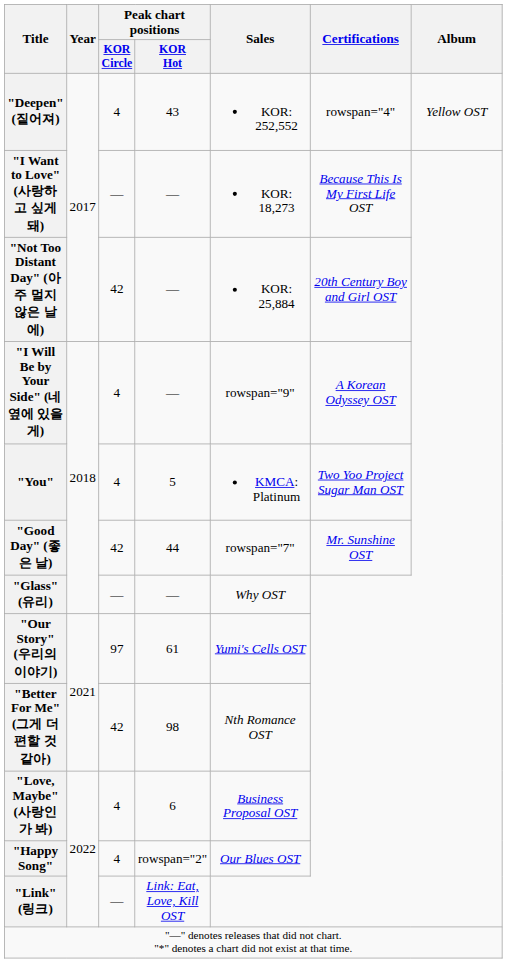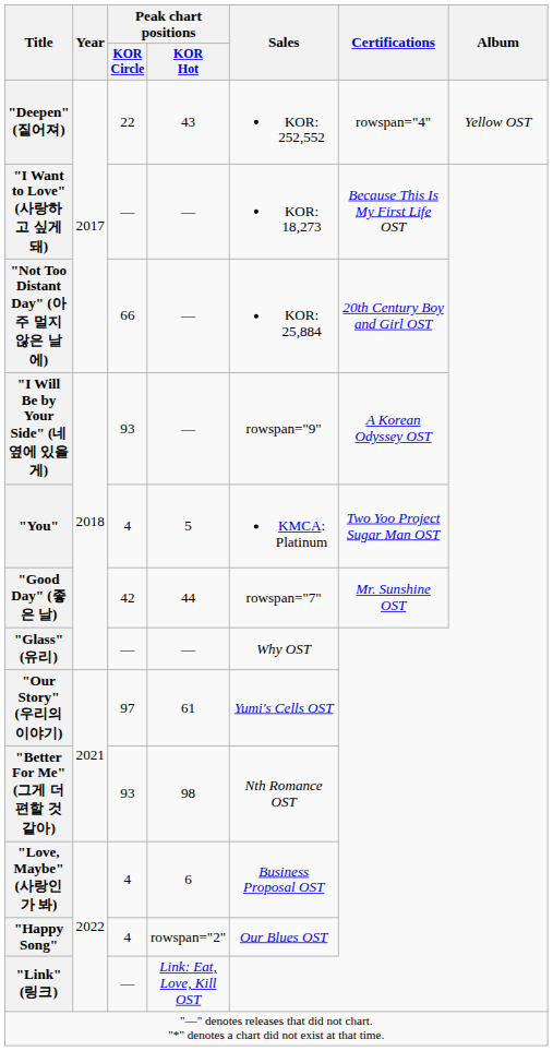 <table class="wikitable plainrowheaders" style="text-align:center;">
 <tr>
 <th scope="col" rowspan="2">Title</th>
 <th scope="col" rowspan="2">Year</th>
 <th scope="col" colspan="2">Peak chart positions</th>
 <th scope="col" rowspan="2" style="width:10em;">Sales</th>
 <th scope="col" rowspan="2" style="width:11em;"><a href='#'>Certifications</a></th>
 <th scope="col" rowspan="2" style="width:16em;">Album</th>
 </tr>
 <tr>
 <th scope="col" style="width:2.5em;font-size:90%"><a href='#'>KOR<br>Circle</a><br></th>
 <th scope="col" style="width:2.5em;font-size:90%;"><a href='#'>KOR<br>Hot</a><br></th>
 </tr>
 <tr>
 <th scope="row">"Deepen" (짙어져)</th>
 <td rowspan="3">2017</td>
-<td>4</td>
+<td>22</td>
 <td>43</td>
 <td><br><ul><li>KOR: 252,552</li></ul></td>
 <td>rowspan="4" </td>
 <td><em>Yellow OST</em></td>
 </tr>
 <tr>
 <th scope="row">"I Want to Love" (사랑하고 싶게 돼)</th>
 <td>—</td>
 <td>—</td>
 <td><br><ul><li>KOR: 18,273</li></ul></td>
 <td><em><a href='#'>Because This Is My First Life</a> OST</em></td>
 </tr>
 <tr>
 <th scope="row">"Not Too Distant Day" (아주 멀지 않은 날에)</th>
-<td>42</td>
+<td>66</td>
 <td>—</td>
 <td><br><ul><li>KOR: 25,884</li></ul></td>
 <td><em><a href='#'>20th Century Boy and Girl OST</a></em></td>
 </tr>
 <tr>
 <th scope="row">"I Will Be by Your Side" (네 옆에 있을게)</th>
 <td rowspan="4">2018</td>
-<td>4</td>
+<td>93</td>
 <td>—</td>
 <td>rowspan="9" </td>
 <td><em><a href='#'>A Korean Odyssey OST</a></em></td>
 </tr>
 <tr>
 <th scope="row">"You"</th>
 <td>4</td>
 <td>5</td>
 <td><br><ul><li><a href='#'>KMCA</a>: Platinum</li></ul></td>
 <td><em><a href='#'>Two Yoo Project Sugar Man OST</a></em></td>
 </tr>
 <tr>
 <th scope="row">"Good Day" (좋은 날)</th>
 <td>42</td>
 <td>44</td>
 <td>rowspan="7" </td>
 <td><em><a href='#'>Mr. Sunshine OST</a></em></td>
 </tr>
 <tr>
 <th scope="row">"Glass" (유리)</th>
 <td>—</td>
 <td>—</td>
 <td><em>Why OST</em></td>
 </tr>
 <tr>
 <th scope="row">"Our Story" (우리의 이야기)</th>
 <td rowspan="2">2021</td>
 <td>97</td>
 <td>61</td>
 <td><em><a href='#'>Yumi's Cells OST</a></em></td>
 </tr>
 <tr>
 <th scope="row">"Better For Me" (그게 더 편할 것 같아)</th>
-<td>42</td>
+<td>93</td>
 <td>98</td>
 <td><em>Nth Romance OST</em></td>
 </tr>
 <tr>
 <th scope="row">"Love, Maybe" (사랑인가 봐)</th>
 <td rowspan="3">2022</td>
 <td>4</td>
 <td>6</td>
 <td><em><a href='#'>Business Proposal OST</a></em></td>
 </tr>
 <tr>
 <th scope="row">"Happy Song"</th>
 <td>4</td>
 <td>rowspan="2" </td>
 <td><em><a href='#'>Our Blues OST</a></em></td>
 </tr>
 <tr>
 <th scope="row">"Link" (링크)</th>
 <td>—</td>
 <td><em><a href='#'>Link: Eat, Love, Kill OST</a></em></td>
 </tr>
 <tr>
 <td colspan="7" style="font-size:85%">"—" denotes releases that did not chart.<br>"*" denotes a chart did not exist at that time.</td>
 </tr>
 </table>
